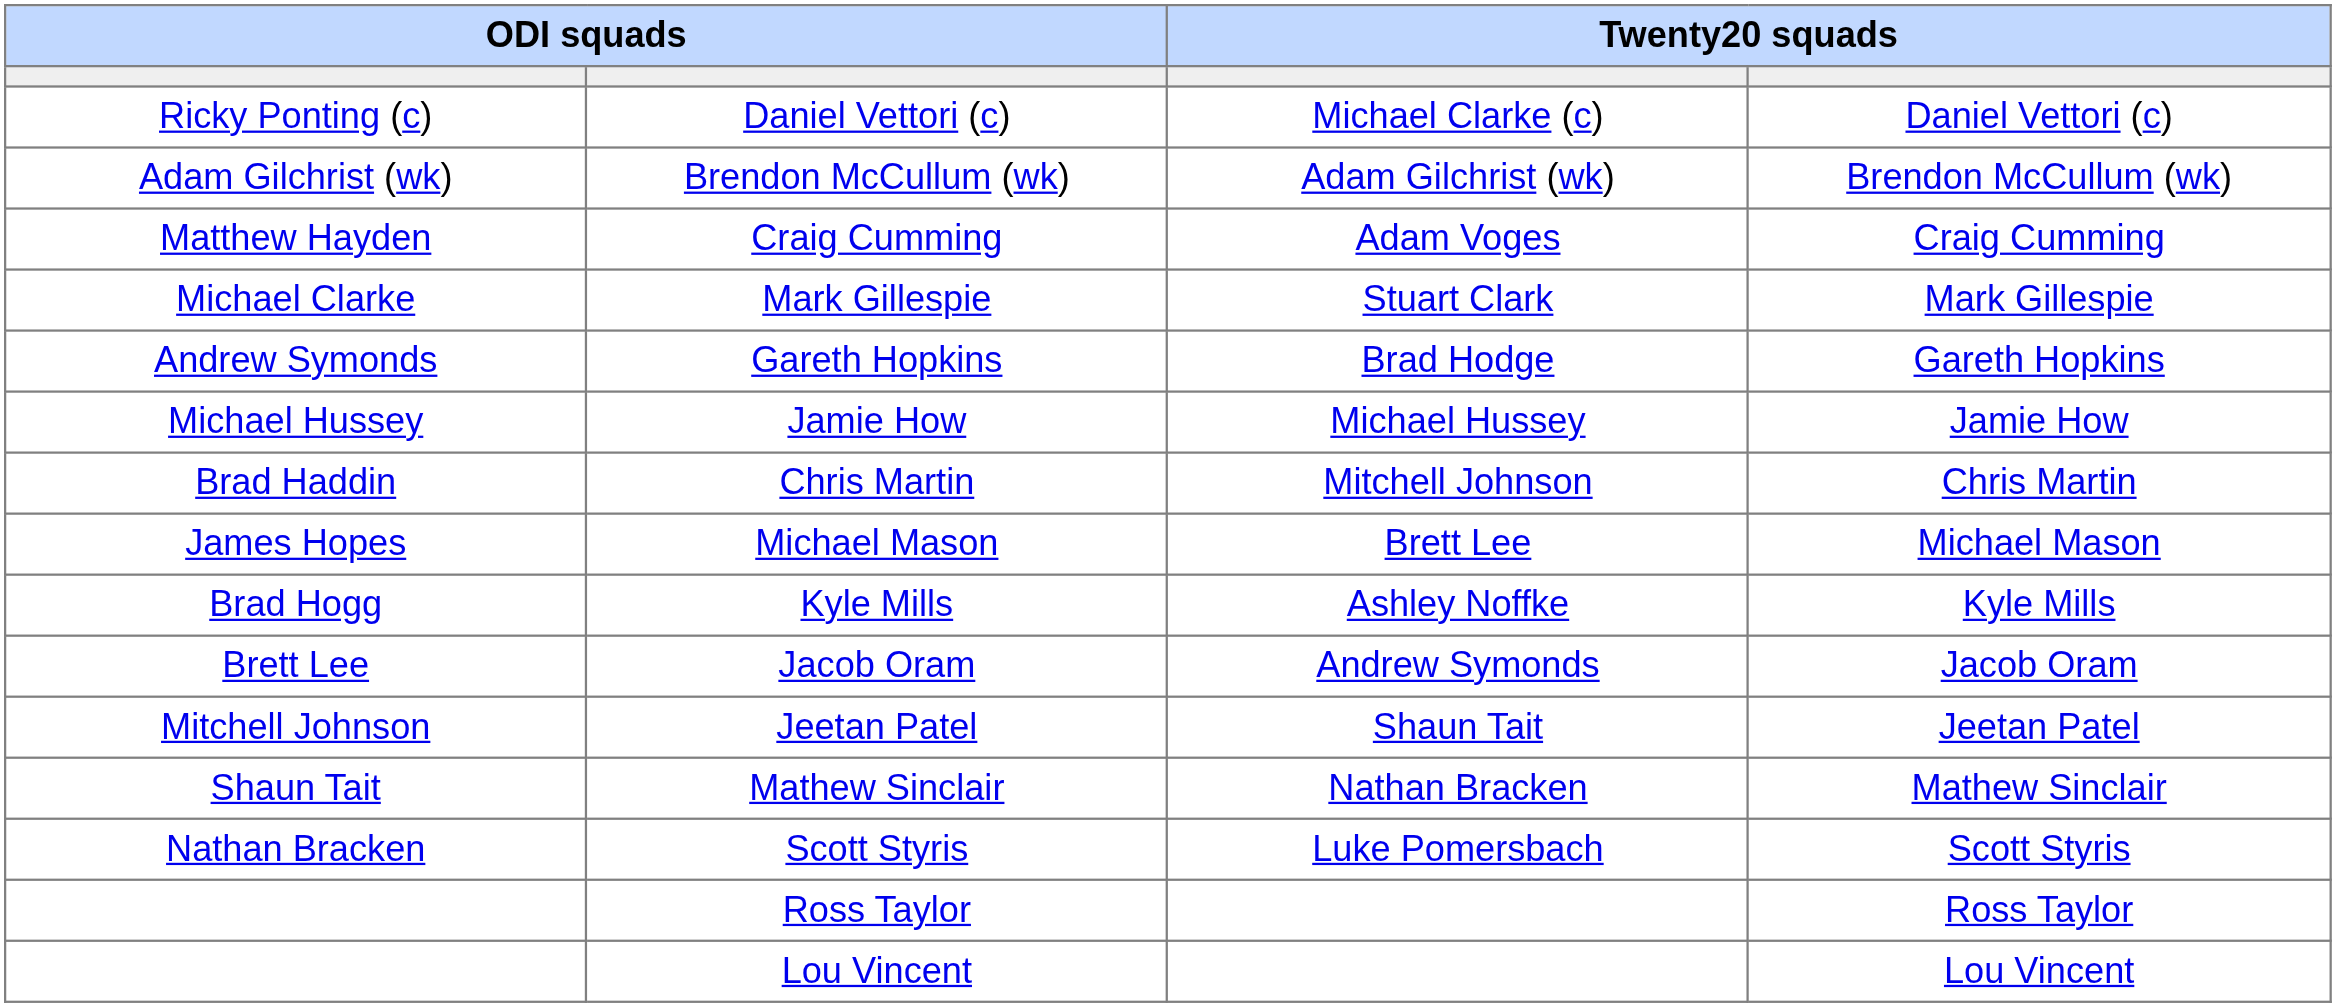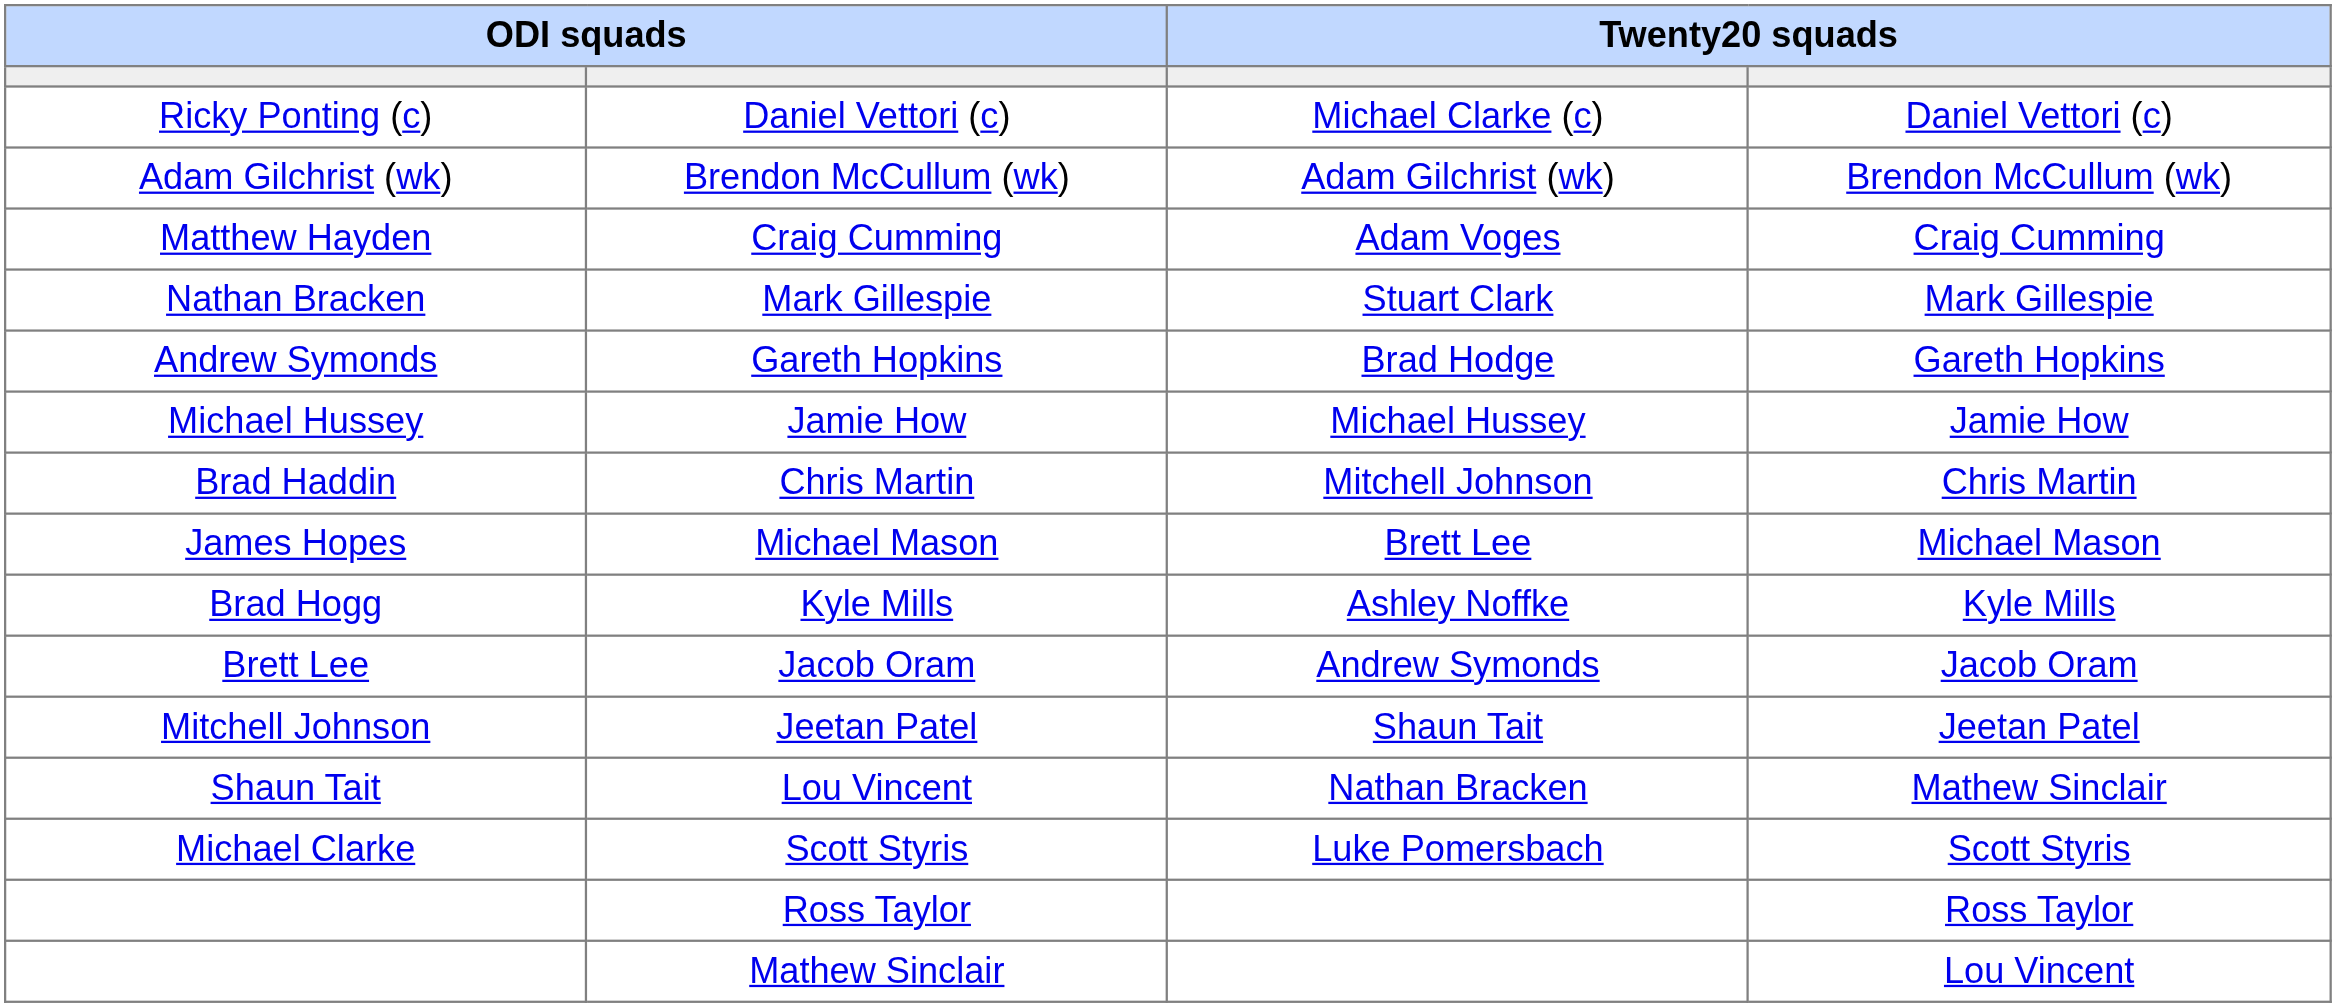 <table border="1" cellpadding="4" cellspacing="0" style="text-align:center; font-size:100%; border-collapse:collapse;" width=65%>
 <tr style="background:#C1D8FF;">
 <th colspan=2>ODI squads</th>
 <th colspan=2>Twenty20 squads</th>
 </tr>
 <tr bgcolor="#efefef">
 <th width=15%></th>
 <th width=15%></th>
 <th width=15%></th>
 <th width=15%></th>
 </tr>
 <tr>
 <td><a href='#'>Ricky Ponting</a> (<a href='#'>c</a>)</td>
 <td><a href='#'>Daniel Vettori</a> (<a href='#'>c</a>)</td>
 <td><a href='#'>Michael Clarke</a> (<a href='#'>c</a>)</td>
 <td><a href='#'>Daniel Vettori</a> (<a href='#'>c</a>)</td>
 </tr>
 <tr>
 <td><a href='#'>Adam Gilchrist</a> (<a href='#'>wk</a>)</td>
 <td><a href='#'>Brendon McCullum</a> (<a href='#'>wk</a>)</td>
 <td><a href='#'>Adam Gilchrist</a> (<a href='#'>wk</a>)</td>
 <td><a href='#'>Brendon McCullum</a> (<a href='#'>wk</a>)</td>
 </tr>
 <tr>
 <td><a href='#'>Matthew Hayden</a></td>
 <td><a href='#'>Craig Cumming</a></td>
 <td><a href='#'>Adam Voges</a></td>
 <td><a href='#'>Craig Cumming</a></td>
 </tr>
 <tr>
-<td><a href='#'>Michael Clarke</a></td>
+<td><a href='#'>Nathan Bracken</a></td>
 <td><a href='#'>Mark Gillespie</a></td>
 <td><a href='#'>Stuart Clark</a></td>
 <td><a href='#'>Mark Gillespie</a></td>
 </tr>
 <tr>
 <td><a href='#'>Andrew Symonds</a></td>
 <td><a href='#'>Gareth Hopkins</a></td>
 <td><a href='#'>Brad Hodge</a></td>
 <td><a href='#'>Gareth Hopkins</a></td>
 </tr>
 <tr>
 <td><a href='#'>Michael Hussey</a></td>
 <td><a href='#'>Jamie How</a></td>
 <td><a href='#'>Michael Hussey</a></td>
 <td><a href='#'>Jamie How</a></td>
 </tr>
 <tr>
 <td><a href='#'>Brad Haddin</a></td>
 <td><a href='#'>Chris Martin</a></td>
 <td><a href='#'>Mitchell Johnson</a></td>
 <td><a href='#'>Chris Martin</a></td>
 </tr>
 <tr>
 <td><a href='#'>James Hopes</a></td>
 <td><a href='#'>Michael Mason</a></td>
 <td><a href='#'>Brett Lee</a></td>
 <td><a href='#'>Michael Mason</a></td>
 </tr>
 <tr>
 <td><a href='#'>Brad Hogg</a></td>
 <td><a href='#'>Kyle Mills</a></td>
 <td><a href='#'>Ashley Noffke</a></td>
 <td><a href='#'>Kyle Mills</a></td>
 </tr>
 <tr>
 <td><a href='#'>Brett Lee</a></td>
 <td><a href='#'>Jacob Oram</a></td>
 <td><a href='#'>Andrew Symonds</a></td>
 <td><a href='#'>Jacob Oram</a></td>
 </tr>
 <tr>
 <td><a href='#'>Mitchell Johnson</a></td>
 <td><a href='#'>Jeetan Patel</a></td>
 <td><a href='#'>Shaun Tait</a></td>
 <td><a href='#'>Jeetan Patel</a></td>
 </tr>
 <tr>
 <td><a href='#'>Shaun Tait</a></td>
-<td><a href='#'>Mathew Sinclair</a></td>
+<td><a href='#'>Lou Vincent</a></td>
 <td><a href='#'>Nathan Bracken</a></td>
 <td><a href='#'>Mathew Sinclair</a></td>
 </tr>
 <tr>
-<td><a href='#'>Nathan Bracken</a></td>
+<td><a href='#'>Michael Clarke</a></td>
 <td><a href='#'>Scott Styris</a></td>
 <td><a href='#'>Luke Pomersbach</a></td>
 <td><a href='#'>Scott Styris</a></td>
 </tr>
 <tr>
 <td></td>
 <td><a href='#'>Ross Taylor</a></td>
 <td></td>
 <td><a href='#'>Ross Taylor</a></td>
 </tr>
 <tr>
 <td></td>
-<td><a href='#'>Lou Vincent</a></td>
+<td><a href='#'>Mathew Sinclair</a></td>
 <td></td>
 <td><a href='#'>Lou Vincent</a></td>
 </tr>
 </table>
